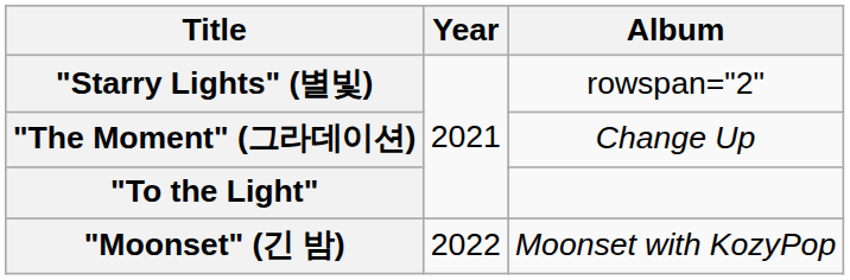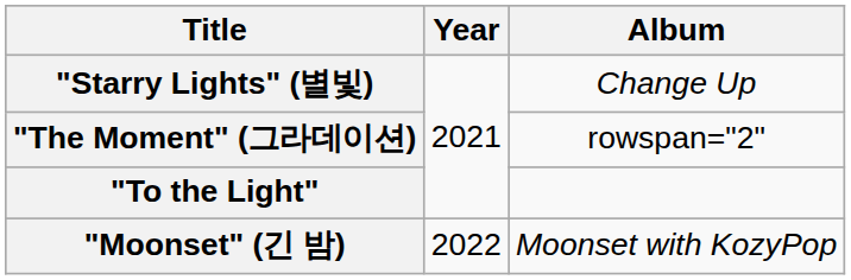 <table class="wikitable plainrowheaders" style="text-align:center;">
 <tr>
 <th scope="col">Title</th>
 <th scope="col">Year</th>
 <th scope="col">Album</th>
 </tr>
 <tr>
 <th scope="row">"Starry Lights" (별빛) <br></th>
 <td rowspan="3">2021</td>
-<td>rowspan="2" </td>
+<td><em>Change Up</em></td>
 </tr>
 <tr>
 <th scope="row">"The Moment" (그라데이션) <br></th>
-<td><em>Change Up</em></td>
+<td>rowspan="2" </td>
 </tr>
 <tr>
 <th scope="row">"To the Light" <br></th>
 </tr>
 <tr>
 <th scope="row">"Moonset" (긴 밤) <br></th>
 <td rowspan="3">2022</td>
 <td><em>Moonset with KozyPop</em></td>
 </tr>
 </table>
